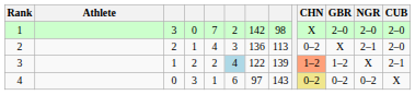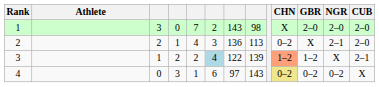 <table class="wikitable" style="text-align:center">
 <tr>
 <th>Rank</th>
 <th width=250>Athlete</th>
 <th width=30></th>
 <th width=30></th>
 <th width=30></th>
 <th width=30></th>
 <th width=30></th>
 <th width=30></th>
 <th rowspan=5></th>
 <th width=30>CHN</th>
 <th width=30>GBR</th>
 <th width=30>NGR</th>
 <th width=30>CUB</th>
 </tr>
 <tr style="background-color:#ccffcc;">
 <td>1</td>
 <td align=left></td>
 <td>3</td>
 <td>0</td>
 <td>7</td>
 <td>2</td>
-<td>142</td>
+<td>143</td>
 <td>98</td>
 <td>X</td>
 <td>2–0</td>
 <td>2–0</td>
 <td>2–0</td>
 </tr>
 <tr>
 <td>2</td>
 <td align=left></td>
 <td>2</td>
 <td>1</td>
 <td>4</td>
 <td>3</td>
 <td>136</td>
 <td>113</td>
 <td>0–2</td>
 <td>X</td>
 <td>2–1</td>
 <td>2–0</td>
 </tr>
 <tr>
 <td>3</td>
 <td align=left></td>
 <td>1</td>
 <td>2</td>
 <td>2</td>
 <td style="background: lightblue;">4</td>
 <td>122</td>
 <td>139</td>
 <td style="background: lightsalmon;">1–2</td>
 <td>1–2</td>
 <td>X</td>
 <td>2–1</td>
 </tr>
 <tr>
 <td>4</td>
 <td align=left></td>
 <td>0</td>
 <td>3</td>
 <td>1</td>
 <td>6</td>
 <td>97</td>
 <td>143</td>
 <td style="background: khaki;">0–2</td>
 <td>0–2</td>
 <td>0–2</td>
 <td>X</td>
 </tr>
 </table>
